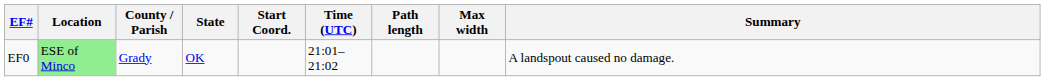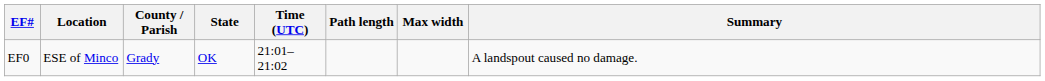 <table class="wikitable sortable" style="width:100%;">
 <tr>
 <th scope="col"  style="width:3%; text-align:center;"><a href='#'>EF#</a></th>
 <th scope="col"  style="width:7%; text-align:center;" class="unsortable">Location</th>
 <th scope="col"  style="width:6%; text-align:center;" class="unsortable">County / Parish</th>
 <th scope="col"  style="width:5%; text-align:center;">State</th>
-<th scope="col"  style="width:6%; text-align:center;">Start Coord.</th>
 <th scope="col"  style="width:6%; text-align:center;">Time (<a href='#'>UTC</a>)</th>
 <th scope="col"  style="width:6%; text-align:center;">Path length</th>
 <th scope="col"  style="width:6%; text-align:center;">Max width</th>
 <th scope="col" class="unsortable" style="width:48%; text-align:center;">Summary</th>
 </tr>
 <tr>
 <td>EF0</td>
-<td style="background: lightgreen;">ESE of <a href='#'>Minco</a></td>
+<td>ESE of <a href='#'>Minco</a></td>
 <td><a href='#'>Grady</a></td>
 <td><a href='#'>OK</a></td>
-<td></td>
 <td>21:01–21:02</td>
 <td></td>
 <td></td>
 <td>A landspout caused no damage.</td>
 </tr>
 </table>
